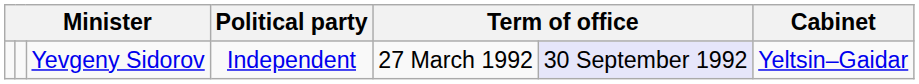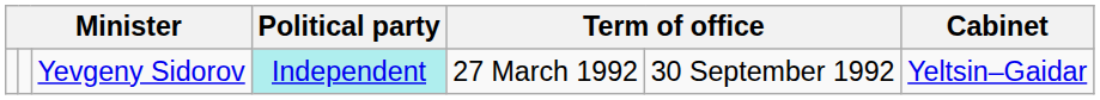 <table class="wikitable" style="text-align:center;">
 <tr>
 <th colspan=3>Minister</th>
 <th>Political party</th>
 <th colspan=2>Term of office</th>
 <th>Cabinet</th>
 </tr>
 <tr>
 <td style="background: "></td>
 <td></td>
 <td><a href='#'>Yevgeny Sidorov</a></td>
-<td><a href='#'>Independent</a></td>
+<td style="background: paleturquoise;"><a href='#'>Independent</a></td>
 <td>27 March 1992</td>
-<td style="background: lavender;">30 September 1992</td>
+<td>30 September 1992</td>
 <td><a href='#'>Yeltsin–Gaidar</a></td>
 </tr>
 </table>
